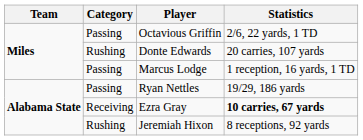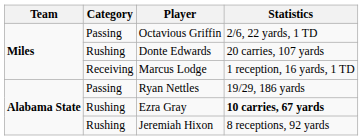 <table class="wikitable" style="float: left;">
 <tr>
 <th>Team</th>
 <th>Category</th>
 <th>Player</th>
 <th>Statistics</th>
 </tr>
 <tr>
 <td rowspan=3><strong>Miles</strong></td>
 <td>Passing</td>
 <td>Octavious Griffin</td>
 <td>2/6, 22 yards, 1 TD</td>
 </tr>
 <tr>
 <td>Rushing</td>
 <td>Donte Edwards</td>
 <td>20 carries, 107 yards</td>
 </tr>
 <tr>
-<td>Passing</td>
+<td>Receiving</td>
 <td>Marcus Lodge</td>
 <td>1 reception, 16 yards, 1 TD</td>
 </tr>
 <tr>
 <td rowspan=3><strong>Alabama State</strong></td>
 <td>Passing</td>
 <td>Ryan Nettles</td>
 <td>19/29, 186 yards</td>
 </tr>
 <tr>
-<td>Receiving</td>
+<td>Rushing</td>
 <td>Ezra Gray</td>
 <td><strong>10 carries, 67 yards</strong></td>
 </tr>
 <tr>
 <td>Rushing</td>
 <td>Jeremiah Hixon</td>
 <td>8 receptions, 92 yards</td>
 </tr>
 </table>
